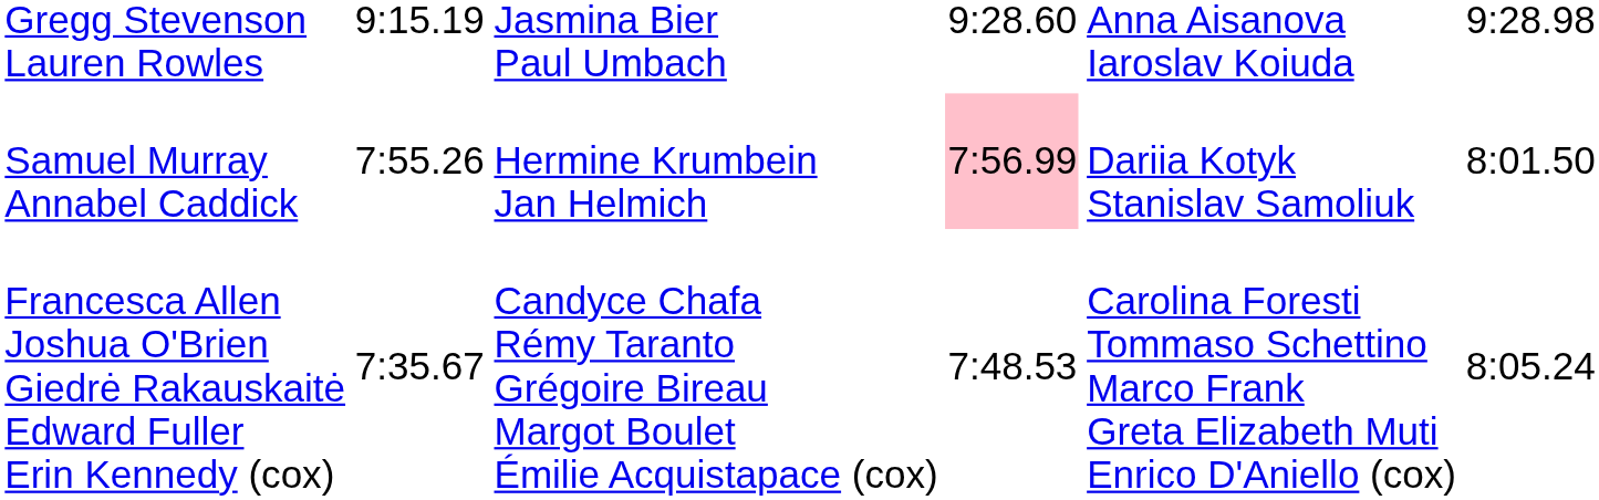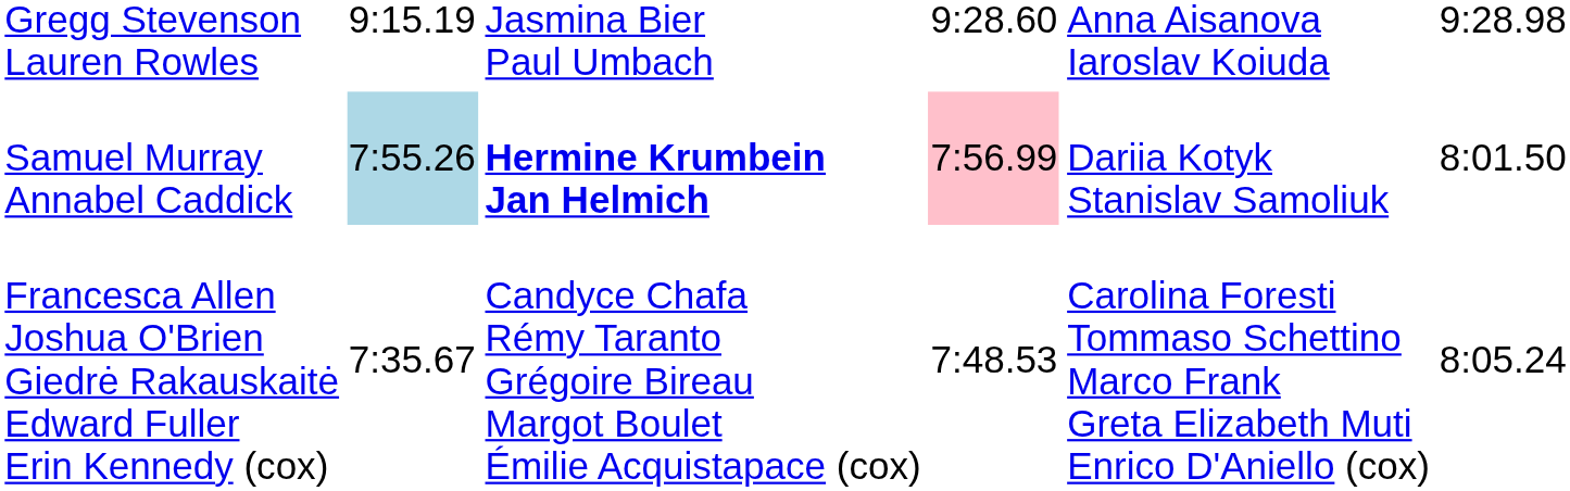 <table>
 <tr>
 <th></th>
 <td><br><a href='#'>Gregg Stevenson</a><br><a href='#'>Lauren Rowles</a></td>
 <td>9:15.19</td>
 <td><br><a href='#'>Jasmina Bier</a><br><a href='#'>Paul Umbach</a></td>
 <td>9:28.60</td>
 <td><br><a href='#'>Anna Aisanova</a><br><a href='#'>Iaroslav Koiuda</a></td>
 <td>9:28.98</td>
 </tr>
 <tr>
 <th></th>
 <td><br><a href='#'>Samuel Murray</a><br><a href='#'>Annabel Caddick</a></td>
-<td>7:55.26</td>
-<td><br><a href='#'>Hermine Krumbein</a><br><a href='#'>Jan Helmich</a></td>
+<td style="background: lightblue;">7:55.26</td>
+<td><strong><br><a href='#'>Hermine Krumbein</a><br><a href='#'>Jan Helmich</a></strong></td>
 <td style="background: pink;">7:56.99</td>
 <td><br><a href='#'>Dariia Kotyk</a><br><a href='#'>Stanislav Samoliuk</a></td>
 <td>8:01.50</td>
 </tr>
 <tr>
 <th></th>
 <td><br><a href='#'>Francesca Allen</a><br><a href='#'>Joshua O'Brien</a><br><a href='#'>Giedrė Rakauskaitė</a><br><a href='#'>Edward Fuller</a><br><a href='#'>Erin Kennedy</a> (cox)</td>
 <td>7:35.67</td>
 <td><br><a href='#'>Candyce Chafa</a><br><a href='#'>Rémy Taranto</a><br><a href='#'>Grégoire Bireau</a><br><a href='#'>Margot Boulet</a><br><a href='#'>Émilie Acquistapace</a> (cox)</td>
 <td>7:48.53</td>
 <td><br><a href='#'>Carolina Foresti</a><br><a href='#'>Tommaso Schettino</a><br><a href='#'>Marco Frank</a><br><a href='#'>Greta Elizabeth Muti</a><br><a href='#'>Enrico D'Aniello</a> (cox)</td>
 <td>8:05.24</td>
 </tr>
 </table>
